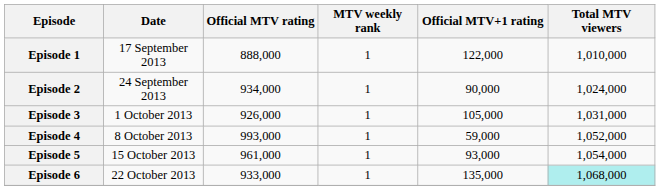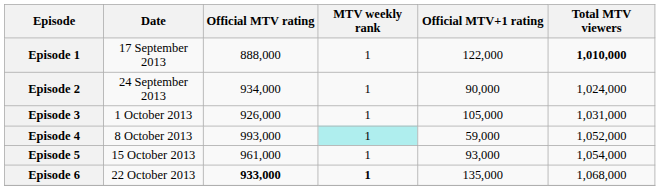 <table class="wikitable sortable" style="text-align:center">
 <tr>
 <th scope="col" style="width:120px;">Episode</th>
 <th scope="col" style="width:120px;">Date</th>
 <th scope="col" style="width:140px;">Official MTV rating</th>
 <th scope="col" style="width:120px;">MTV weekly rank</th>
 <th scope="col" style="width:160px;">Official MTV+1 rating</th>
 <th scope="col" style="width:130px;">Total MTV viewers</th>
 </tr>
 <tr>
 <th scope="row">Episode 1</th>
 <td>17 September 2013</td>
 <td>888,000</td>
 <td>1</td>
 <td>122,000</td>
-<td>1,010,000</td>
+<td><strong>1,010,000</strong></td>
 </tr>
 <tr>
 <th scope="row">Episode 2</th>
 <td>24 September 2013</td>
 <td>934,000</td>
 <td>1</td>
 <td>90,000</td>
 <td>1,024,000</td>
 </tr>
 <tr>
 <th scope="row">Episode 3</th>
 <td>1 October 2013</td>
 <td>926,000</td>
 <td>1</td>
 <td>105,000</td>
 <td>1,031,000</td>
 </tr>
 <tr>
 <th scope="row">Episode 4</th>
 <td>8 October 2013</td>
 <td>993,000</td>
-<td>1</td>
+<td style="background: paleturquoise;">1</td>
 <td>59,000</td>
 <td>1,052,000</td>
 </tr>
 <tr>
 <th scope="row">Episode 5</th>
 <td>15 October 2013</td>
 <td>961,000</td>
 <td>1</td>
 <td>93,000</td>
 <td>1,054,000</td>
 </tr>
 <tr>
 <th scope="row">Episode 6</th>
 <td>22 October 2013</td>
-<td>933,000</td>
-<td>1</td>
+<td><strong>933,000</strong></td>
+<td><strong>1</strong></td>
 <td>135,000</td>
-<td style="background: paleturquoise;">1,068,000</td>
+<td>1,068,000</td>
 </tr>
 <tr>
 </tr>
 </table>
